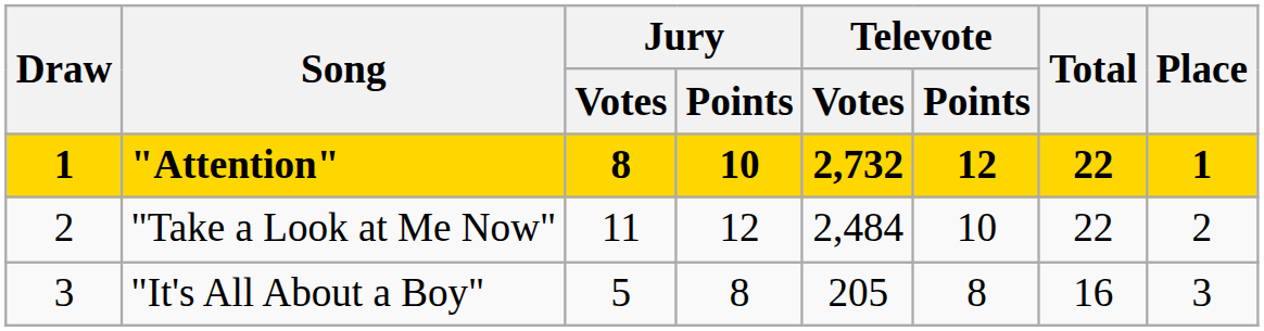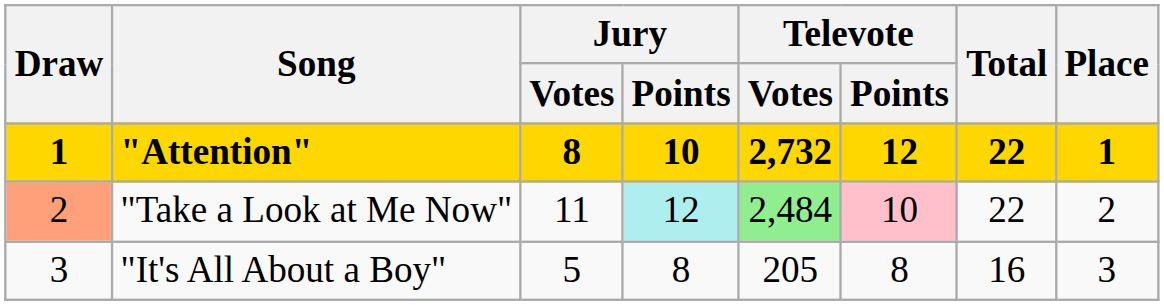 <table class="sortable wikitable" style="margin: 1em auto 1em auto; text-align:center;">
 <tr>
 <th rowspan="2">Draw</th>
 <th rowspan="2">Song</th>
 <th colspan="2">Jury</th>
 <th colspan="2">Televote</th>
 <th rowspan="2">Total</th>
 <th rowspan="2">Place</th>
 </tr>
 <tr>
 <th>Votes</th>
 <th>Points</th>
 <th>Votes</th>
 <th>Points</th>
 </tr>
 <tr style="font-weight:bold; background:gold;">
 <td>1</td>
 <td align="left">"Attention"</td>
 <td>8</td>
 <td>10</td>
 <td>2,732</td>
 <td>12</td>
 <td>22</td>
 <td>1</td>
 </tr>
 <tr>
-<td>2</td>
+<td style="background: lightsalmon;">2</td>
 <td align="left">"Take a Look at Me Now"</td>
 <td>11</td>
-<td>12</td>
-<td>2,484</td>
-<td>10</td>
+<td style="background: paleturquoise;">12</td>
+<td style="background: lightgreen;">2,484</td>
+<td style="background: pink;">10</td>
 <td>22</td>
 <td>2</td>
 </tr>
 <tr>
 <td>3</td>
 <td align="left">"It's All About a Boy"</td>
 <td>5</td>
 <td>8</td>
 <td>205</td>
 <td>8</td>
 <td>16</td>
 <td>3</td>
 </tr>
 </table>
